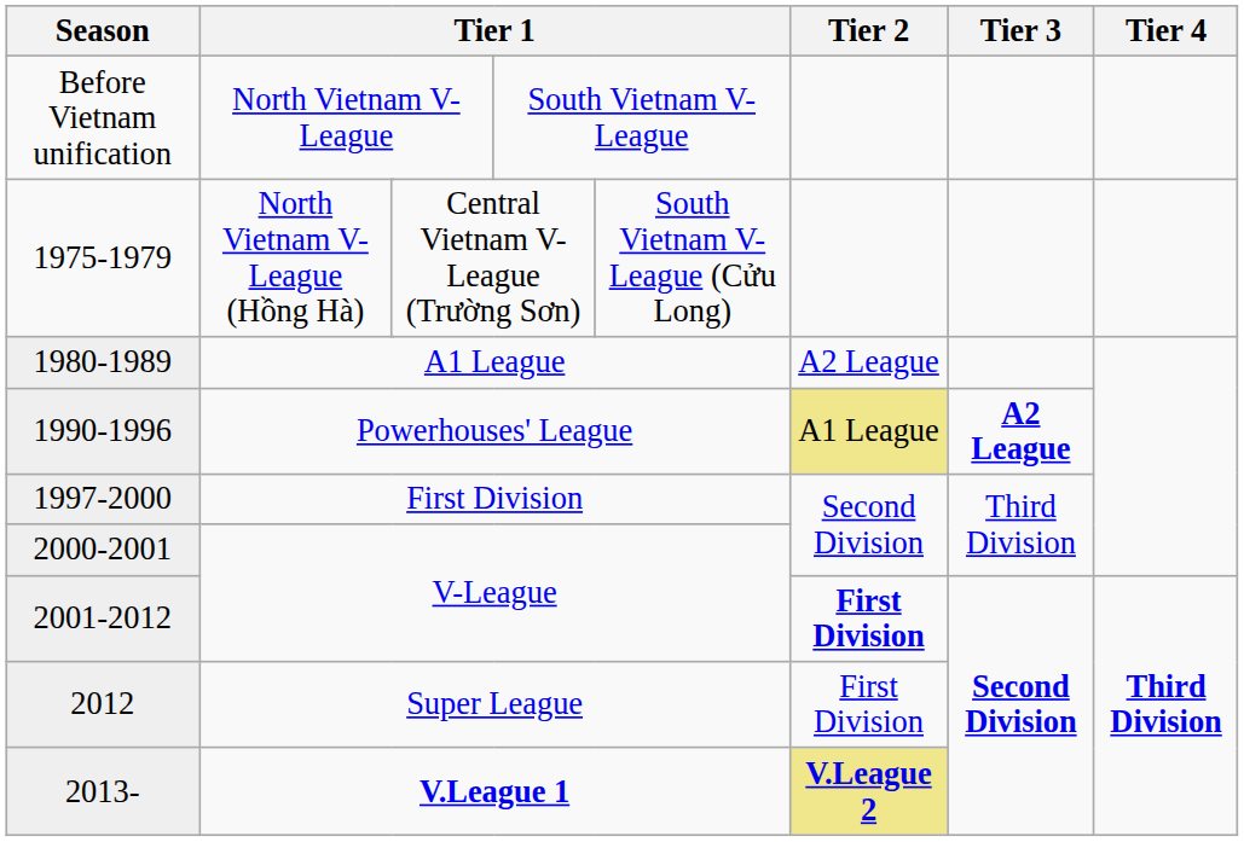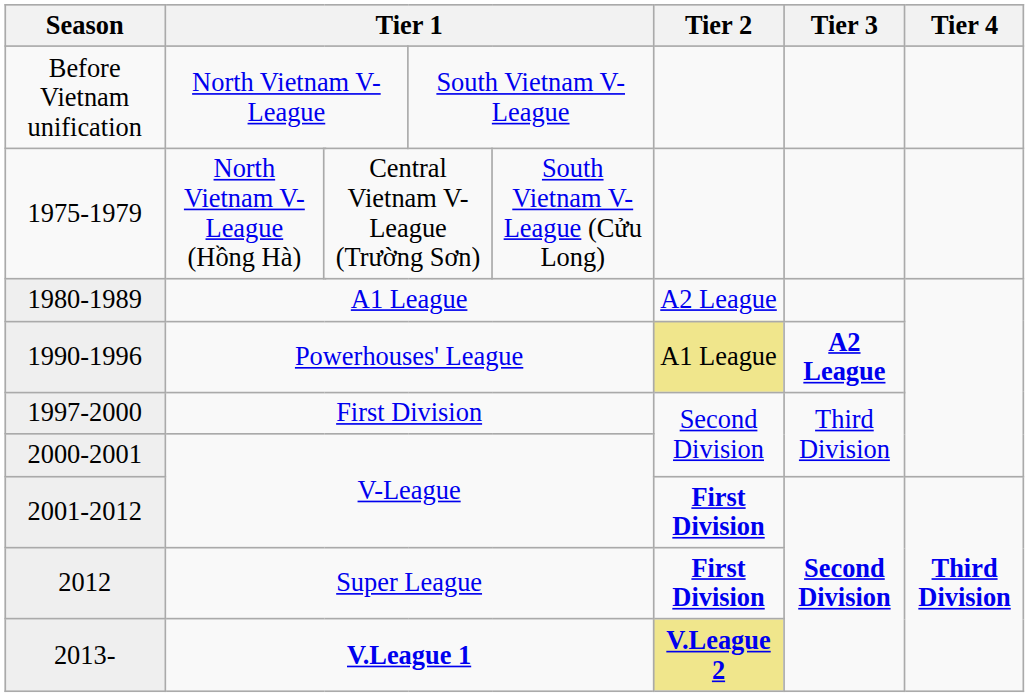 <table class="wikitable" style="margin:1em auto; text-align: center; width:70%">
 <tr>
 <th>Season</th>
 <th colspan="6">Tier 1</th>
 <th>Tier 2</th>
 <th>Tier 3</th>
 <th>Tier 4</th>
 </tr>
 <tr>
 <td>Before Vietnam unification</td>
 <td colspan="3"><a href='#'>North Vietnam V-League</a></td>
 <td colspan="3"><a href='#'>South Vietnam V-League</a></td>
 <td></td>
 <td></td>
 <td></td>
 </tr>
 <tr>
 <td>1975-1979</td>
 <td colspan="2"><a href='#'>North Vietnam V-League</a> (Hồng Hà)</td>
 <td colspan="2">Central Vietnam V-League (Trường Sơn)</td>
 <td colspan="2"><a href='#'>South Vietnam V-League</a> (Cửu Long)</td>
 <td></td>
 <td></td>
 <td></td>
 </tr>
 <tr>
 <td style="background:#efefef;">1980-1989</td>
 <td colspan="6"><a href='#'>A1 League</a></td>
 <td><a href='#'>A2 League</a></td>
 <td></td>
 <td rowspan="4"></td>
 </tr>
 <tr>
 <td style="background:#efefef;">1990-1996</td>
 <td colspan="6"><a href='#'>Powerhouses' League</a></td>
 <td style="background: khaki;">A1 League</td>
 <td><strong><a href='#'>A2 League</a></strong></td>
 </tr>
 <tr>
 <td style="background:#efefef;">1997-2000</td>
 <td colspan="6"><a href='#'>First Division</a></td>
 <td rowspan="2"><a href='#'>Second Division</a></td>
 <td rowspan="2"><a href='#'>Third Division</a></td>
 </tr>
 <tr>
 <td style="background:#efefef;">2000-2001</td>
 <td colspan="6" rowspan="2"><a href='#'>V-League</a></td>
 </tr>
 <tr>
 <td style="background:#efefef;">2001-2012</td>
 <td><strong><a href='#'>First Division</a></strong></td>
 <td rowspan=3><strong><a href='#'>Second Division</a></strong></td>
 <td rowspan=3><strong><a href='#'>Third Division</a></strong></td>
 </tr>
 <tr>
 <td style="background:#efefef;">2012</td>
 <td colspan="6"><a href='#'>Super League</a></td>
-<td><a href='#'>First Division</a></td>
+<td><strong><a href='#'>First Division</a></strong></td>
 </tr>
 <tr>
 <td style="background:#efefef;">2013-</td>
 <td colspan="6"><strong><a href='#'>V.League 1</a></strong></td>
 <td style="background: khaki;"><strong><a href='#'>V.League 2</a></strong></td>
 </tr>
 </table>
